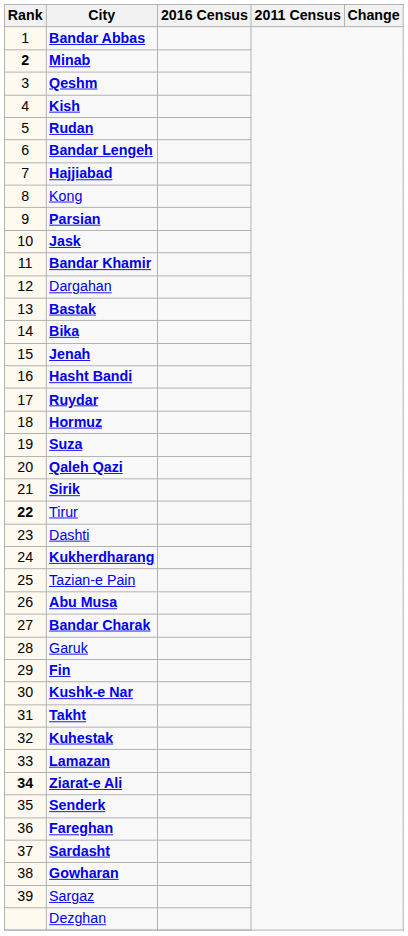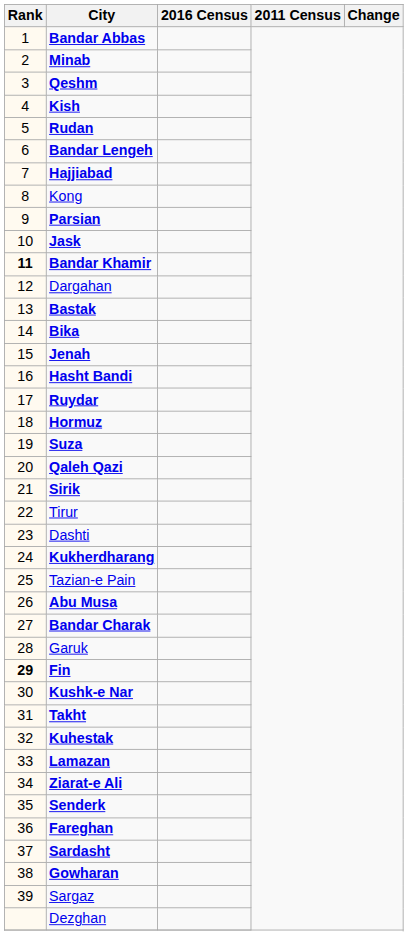 <table class="wikitable sortable">
 <tr>
 <th>Rank</th>
 <th>City</th>
 <th>2016 Census</th>
 <th>2011 Census</th>
 <th>Change</th>
 </tr>
 <tr>
 <td align=center bgcolor="FFFAF0">1</td>
 <td><strong><a href='#'>Bandar Abbas</a></strong></td>
 <td></td>
 </tr>
 <tr>
-<td align=center bgcolor="FFFAF0"><strong>2</strong></td>
+<td align=center bgcolor="FFFAF0">2</td>
 <td><strong><a href='#'>Minab</a></strong></td>
 <td></td>
 </tr>
 <tr>
 <td align=center bgcolor="FFFAF0">3</td>
 <td><strong><a href='#'>Qeshm</a></strong></td>
 <td></td>
 </tr>
 <tr>
 <td align=center bgcolor="FFFAF0">4</td>
 <td><strong><a href='#'>Kish</a></strong></td>
 <td></td>
 </tr>
 <tr>
 <td align=center bgcolor="FFFAF0">5</td>
 <td><strong><a href='#'>Rudan</a></strong></td>
 <td></td>
 </tr>
 <tr>
 <td align=center bgcolor="FFFAF0">6</td>
 <td><strong><a href='#'>Bandar Lengeh</a></strong></td>
 <td></td>
 </tr>
 <tr>
 <td align=center bgcolor="FFFAF0">7</td>
 <td><strong><a href='#'>Hajjiabad</a></strong></td>
 <td></td>
 </tr>
 <tr>
 <td align=center bgcolor="FFFAF0">8</td>
 <td><a href='#'>Kong</a></td>
 <td></td>
 </tr>
 <tr>
 <td align=center bgcolor="FFFAF0">9</td>
 <td><strong><a href='#'>Parsian</a></strong></td>
 <td></td>
 </tr>
 <tr>
 <td align=center bgcolor="FFFAF0">10</td>
 <td><strong><a href='#'>Jask</a></strong></td>
 <td></td>
 </tr>
 <tr>
-<td align=center bgcolor="FFFAF0">11</td>
+<td align=center bgcolor="FFFAF0"><strong>11</strong></td>
 <td><strong><a href='#'>Bandar Khamir</a></strong></td>
 <td></td>
 </tr>
 <tr>
 <td align=center bgcolor="FFFAF0">12</td>
 <td><a href='#'>Dargahan</a></td>
 <td></td>
 </tr>
 <tr>
 <td align=center bgcolor="FFFAF0">13</td>
 <td><strong><a href='#'>Bastak</a></strong></td>
 <td></td>
 </tr>
 <tr>
 <td align=center bgcolor="FFFAF0">14</td>
 <td><strong><a href='#'>Bika</a></strong></td>
 <td></td>
 </tr>
 <tr>
 <td align=center bgcolor="FFFAF0">15</td>
 <td><strong><a href='#'>Jenah</a></strong></td>
 <td></td>
 </tr>
 <tr>
 <td align=center bgcolor="FFFAF0">16</td>
 <td><strong><a href='#'>Hasht Bandi</a></strong></td>
 <td></td>
 </tr>
 <tr>
 <td align=center bgcolor="FFFAF0">17</td>
 <td><strong><a href='#'>Ruydar</a></strong></td>
 <td></td>
 </tr>
 <tr>
 <td align=center bgcolor="FFFAF0">18</td>
 <td><strong><a href='#'>Hormuz</a></strong></td>
 <td></td>
 </tr>
 <tr>
 <td align=center bgcolor="FFFAF0">19</td>
 <td><strong><a href='#'>Suza</a></strong></td>
 <td></td>
 </tr>
 <tr>
 <td align=center bgcolor="FFFAF0">20</td>
 <td><strong><a href='#'>Qaleh Qazi</a></strong></td>
 <td></td>
 </tr>
 <tr>
 <td align=center bgcolor="FFFAF0">21</td>
 <td><strong><a href='#'>Sirik</a></strong></td>
 <td></td>
 </tr>
 <tr>
-<td align=center bgcolor="FFFAF0"><strong>22</strong></td>
+<td align=center bgcolor="FFFAF0">22</td>
 <td><a href='#'>Tirur</a></td>
 <td></td>
 </tr>
 <tr>
 <td align=center bgcolor="FFFAF0">23</td>
 <td><a href='#'>Dashti</a></td>
 <td></td>
 </tr>
 <tr>
 <td align=center bgcolor="FFFAF0">24</td>
 <td><strong><a href='#'>Kukherdharang</a></strong></td>
 <td></td>
 </tr>
 <tr>
 <td align=center bgcolor="FFFAF0">25</td>
 <td><a href='#'>Tazian-e Pain</a></td>
 <td></td>
 </tr>
 <tr>
 <td align=center bgcolor="FFFAF0">26</td>
 <td><strong><a href='#'>Abu Musa</a></strong></td>
 <td></td>
 </tr>
 <tr>
 <td align=center bgcolor="FFFAF0">27</td>
 <td><strong><a href='#'>Bandar Charak</a></strong></td>
 <td></td>
 </tr>
 <tr>
 <td align=center bgcolor="FFFAF0">28</td>
 <td><a href='#'>Garuk</a></td>
 <td></td>
 </tr>
 <tr>
-<td align=center bgcolor="FFFAF0">29</td>
+<td align=center bgcolor="FFFAF0"><strong>29</strong></td>
 <td><strong><a href='#'>Fin</a></strong></td>
 <td></td>
 </tr>
 <tr>
 <td align=center bgcolor="FFFAF0">30</td>
 <td><strong><a href='#'>Kushk-e Nar</a></strong></td>
 <td></td>
 </tr>
 <tr>
 <td align=center bgcolor="FFFAF0">31</td>
 <td><strong><a href='#'>Takht</a></strong></td>
 <td></td>
 </tr>
 <tr>
 <td align=center bgcolor="FFFAF0">32</td>
 <td><strong><a href='#'>Kuhestak</a></strong></td>
 <td></td>
 </tr>
 <tr>
 <td align=center bgcolor="FFFAF0">33</td>
 <td><strong><a href='#'>Lamazan</a></strong></td>
 <td></td>
 </tr>
 <tr>
-<td align=center bgcolor="FFFAF0"><strong>34</strong></td>
+<td align=center bgcolor="FFFAF0">34</td>
 <td><strong><a href='#'>Ziarat-e Ali</a></strong></td>
 <td></td>
 </tr>
 <tr>
 <td align=center bgcolor="FFFAF0">35</td>
 <td><strong><a href='#'>Senderk</a></strong></td>
 <td></td>
 </tr>
 <tr>
 <td align=center bgcolor="FFFAF0">36</td>
 <td><strong><a href='#'>Fareghan</a></strong></td>
 <td></td>
 </tr>
 <tr>
 <td align=center bgcolor="FFFAF0">37</td>
 <td><strong><a href='#'>Sardasht</a></strong></td>
 <td></td>
 </tr>
 <tr>
 <td align=center bgcolor="FFFAF0">38</td>
 <td><strong><a href='#'>Gowharan</a></strong></td>
 <td></td>
 </tr>
 <tr>
 <td align=center bgcolor="FFFAF0">39</td>
 <td><a href='#'>Sargaz</a></td>
 <td></td>
 </tr>
 <tr>
 <td align=center bgcolor="FFFAF0"></td>
 <td><a href='#'>Dezghan</a></td>
 <td></td>
 </tr>
 <tr>
 </tr>
 </table>
